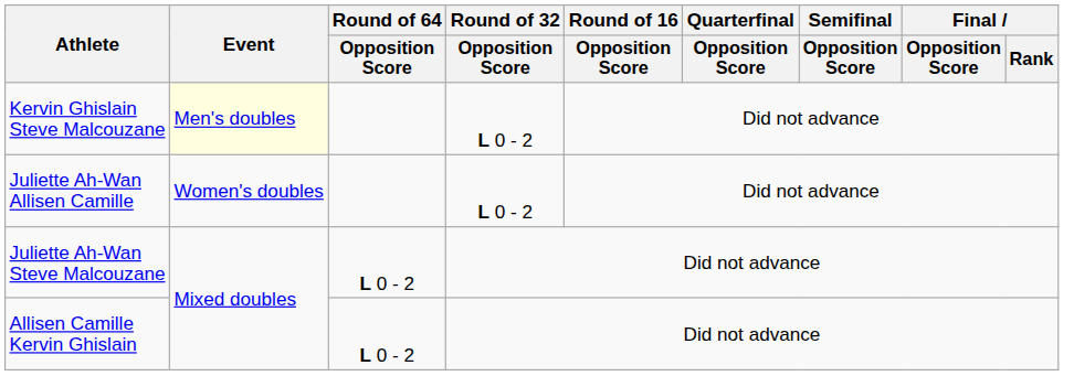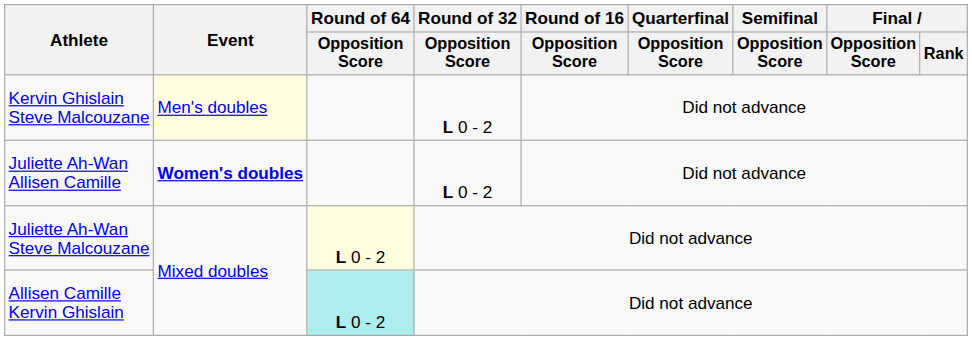 <table class=wikitable style="font-size:90%">
 <tr>
 <th rowspan=2>Athlete</th>
 <th rowspan=2>Event</th>
 <th>Round of 64</th>
 <th>Round of 32</th>
 <th>Round of 16</th>
 <th>Quarterfinal</th>
 <th>Semifinal</th>
 <th colspan=2>Final / </th>
 </tr>
 <tr style="font-size:95%">
 <th>Opposition<br>Score</th>
 <th>Opposition<br>Score</th>
 <th>Opposition<br>Score</th>
 <th>Opposition<br>Score</th>
 <th>Opposition<br>Score</th>
 <th>Opposition<br>Score</th>
 <th>Rank</th>
 </tr>
 <tr align=center>
 <td align=left><a href='#'>Kervin Ghislain</a><br><a href='#'>Steve Malcouzane</a></td>
 <td align=left style="background: lightyellow;"><a href='#'>Men's doubles</a></td>
 <td></td>
 <td><br><br><strong>L</strong> 0 - 2</td>
 <td colspan=5>Did not advance</td>
 </tr>
 <tr align=center>
 <td align=left><a href='#'>Juliette Ah-Wan</a><br><a href='#'>Allisen Camille</a></td>
-<td align=left><a href='#'>Women's doubles</a></td>
+<td align=left><strong><a href='#'>Women's doubles</a></strong></td>
 <td></td>
 <td><br><br><strong>L</strong> 0 - 2</td>
 <td colspan=5>Did not advance</td>
 </tr>
 <tr align=center>
 <td align=left><a href='#'>Juliette Ah-Wan</a><br><a href='#'>Steve Malcouzane</a></td>
 <td align=left rowspan=2><a href='#'>Mixed doubles</a></td>
-<td><br><br><strong>L</strong> 0 - 2</td>
+<td style="background: lightyellow;"><br><br><strong>L</strong> 0 - 2</td>
 <td colspan=6>Did not advance</td>
 </tr>
 <tr align=center>
 <td align=left><a href='#'>Allisen Camille</a><br><a href='#'>Kervin Ghislain</a></td>
-<td><br><br><strong>L</strong> 0 - 2</td>
+<td style="background: paleturquoise;"><br><br><strong>L</strong> 0 - 2</td>
 <td colspan=6>Did not advance</td>
 </tr>
 </table>
